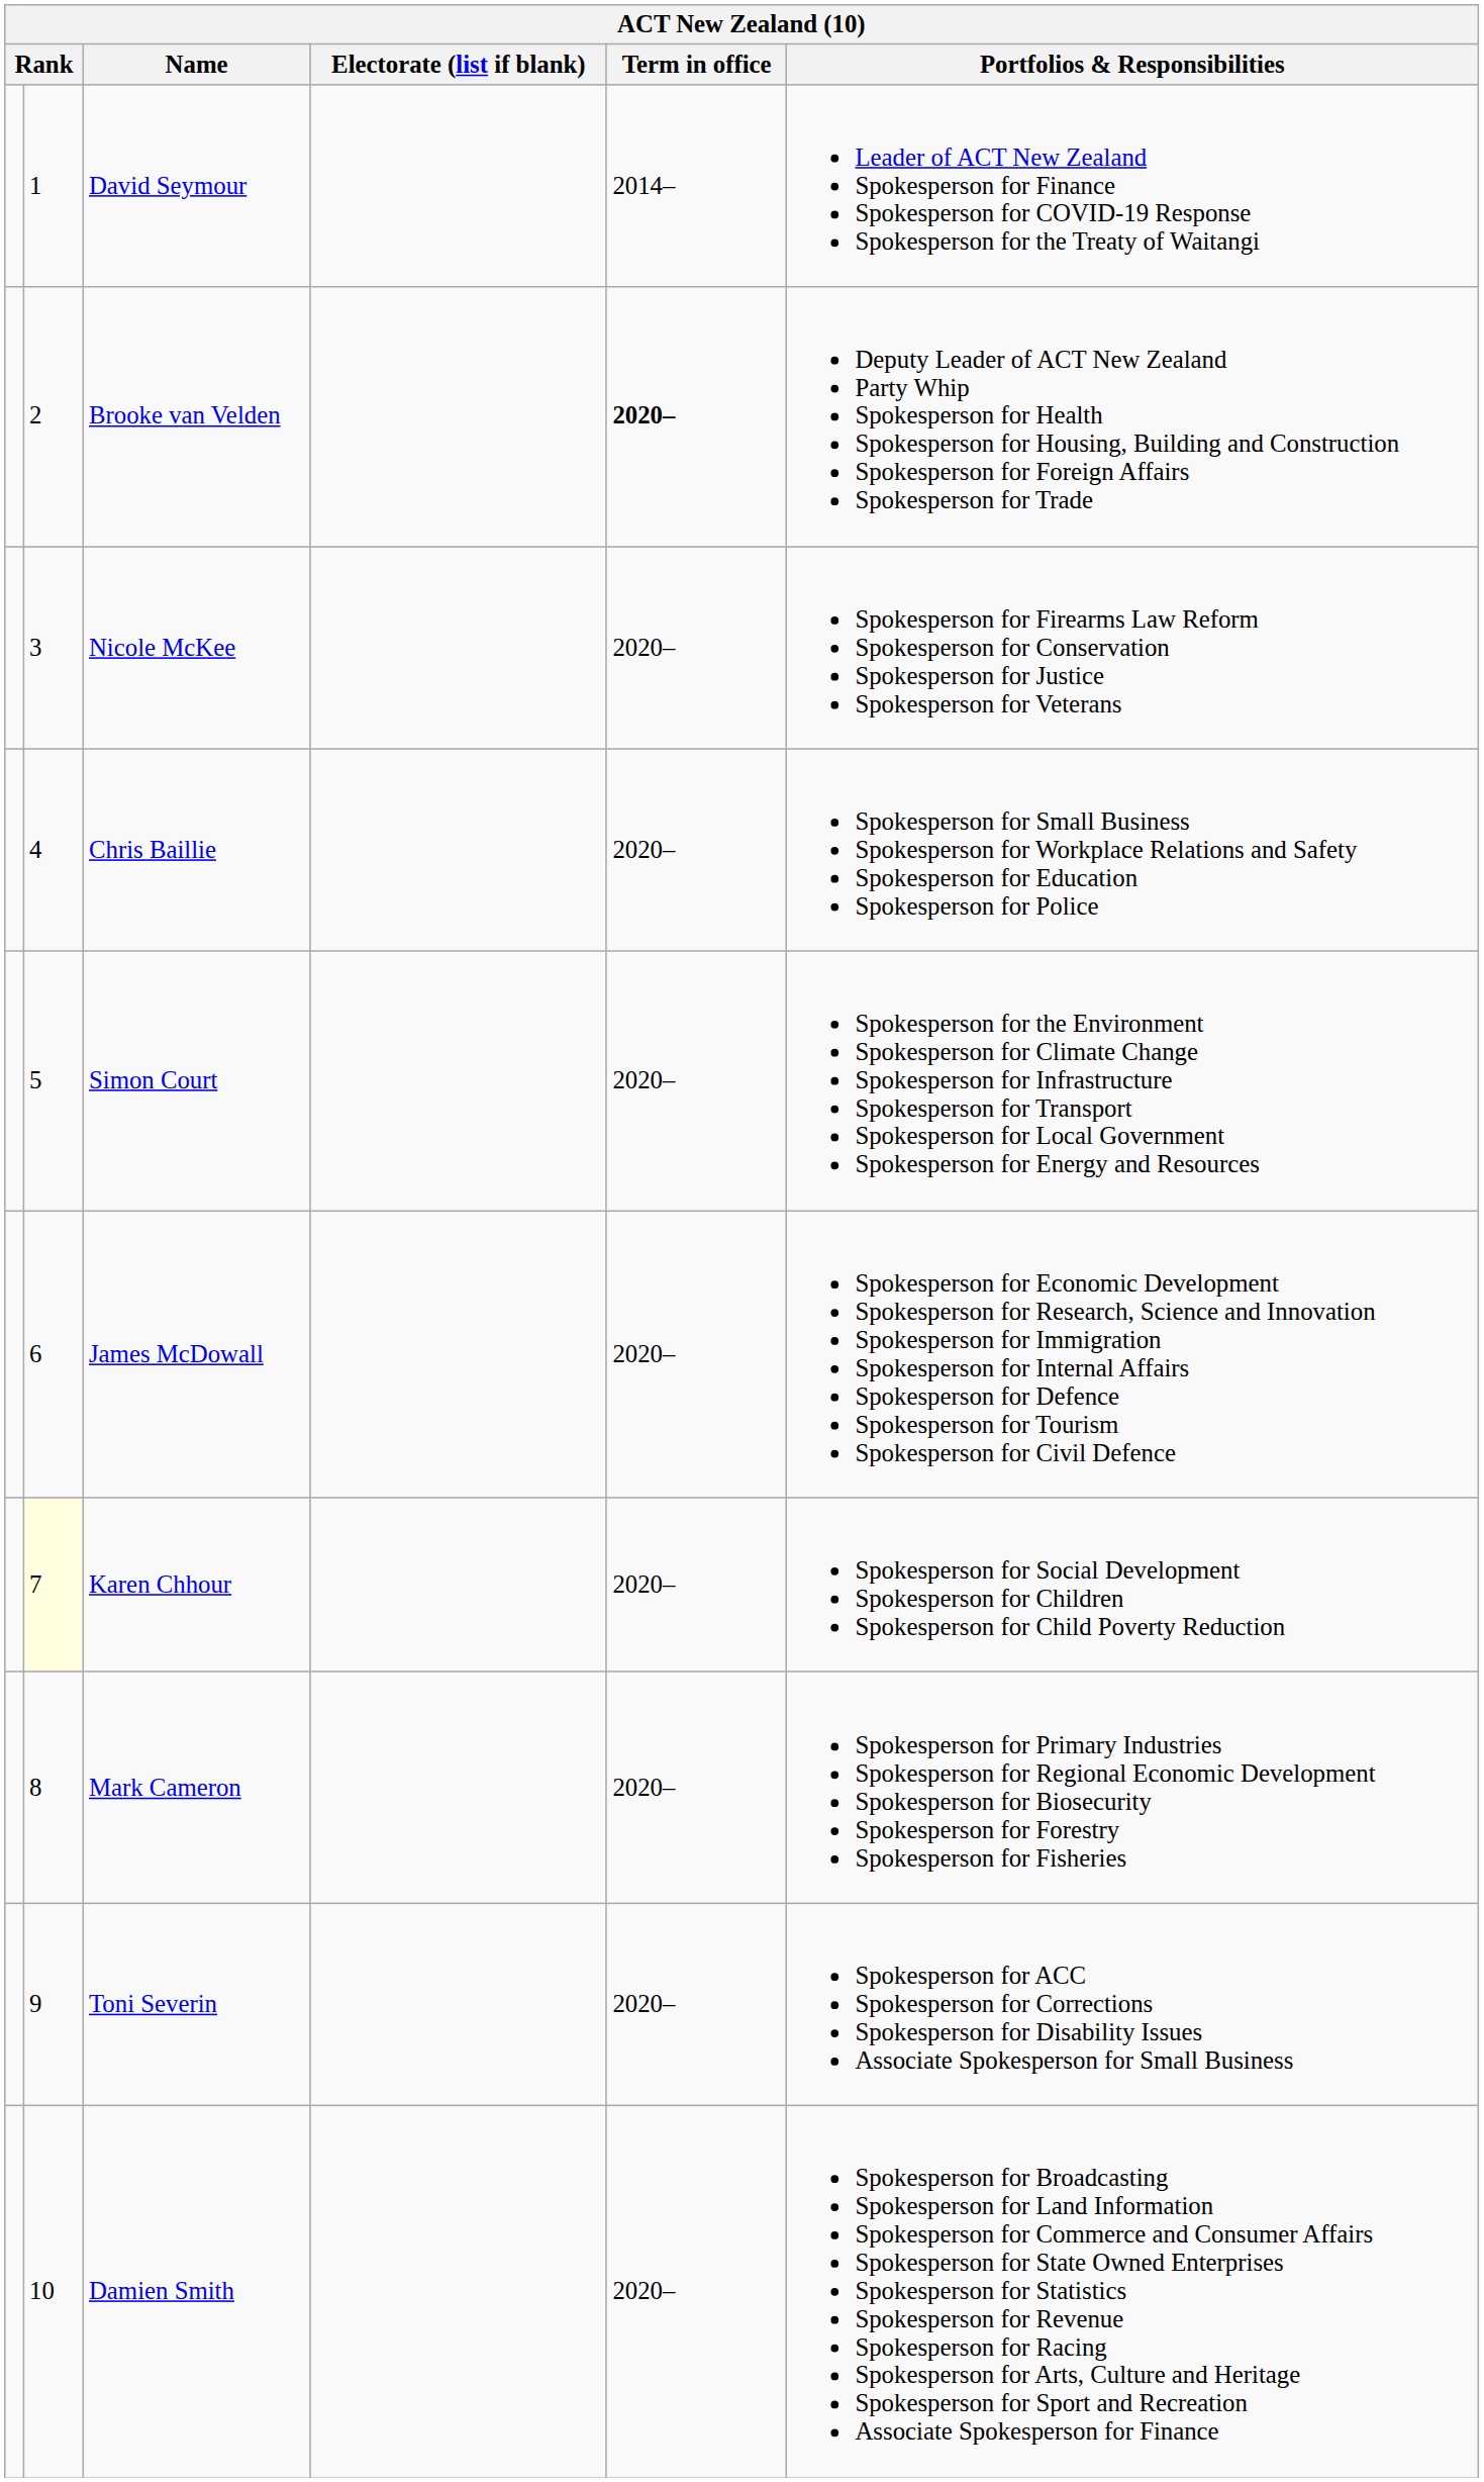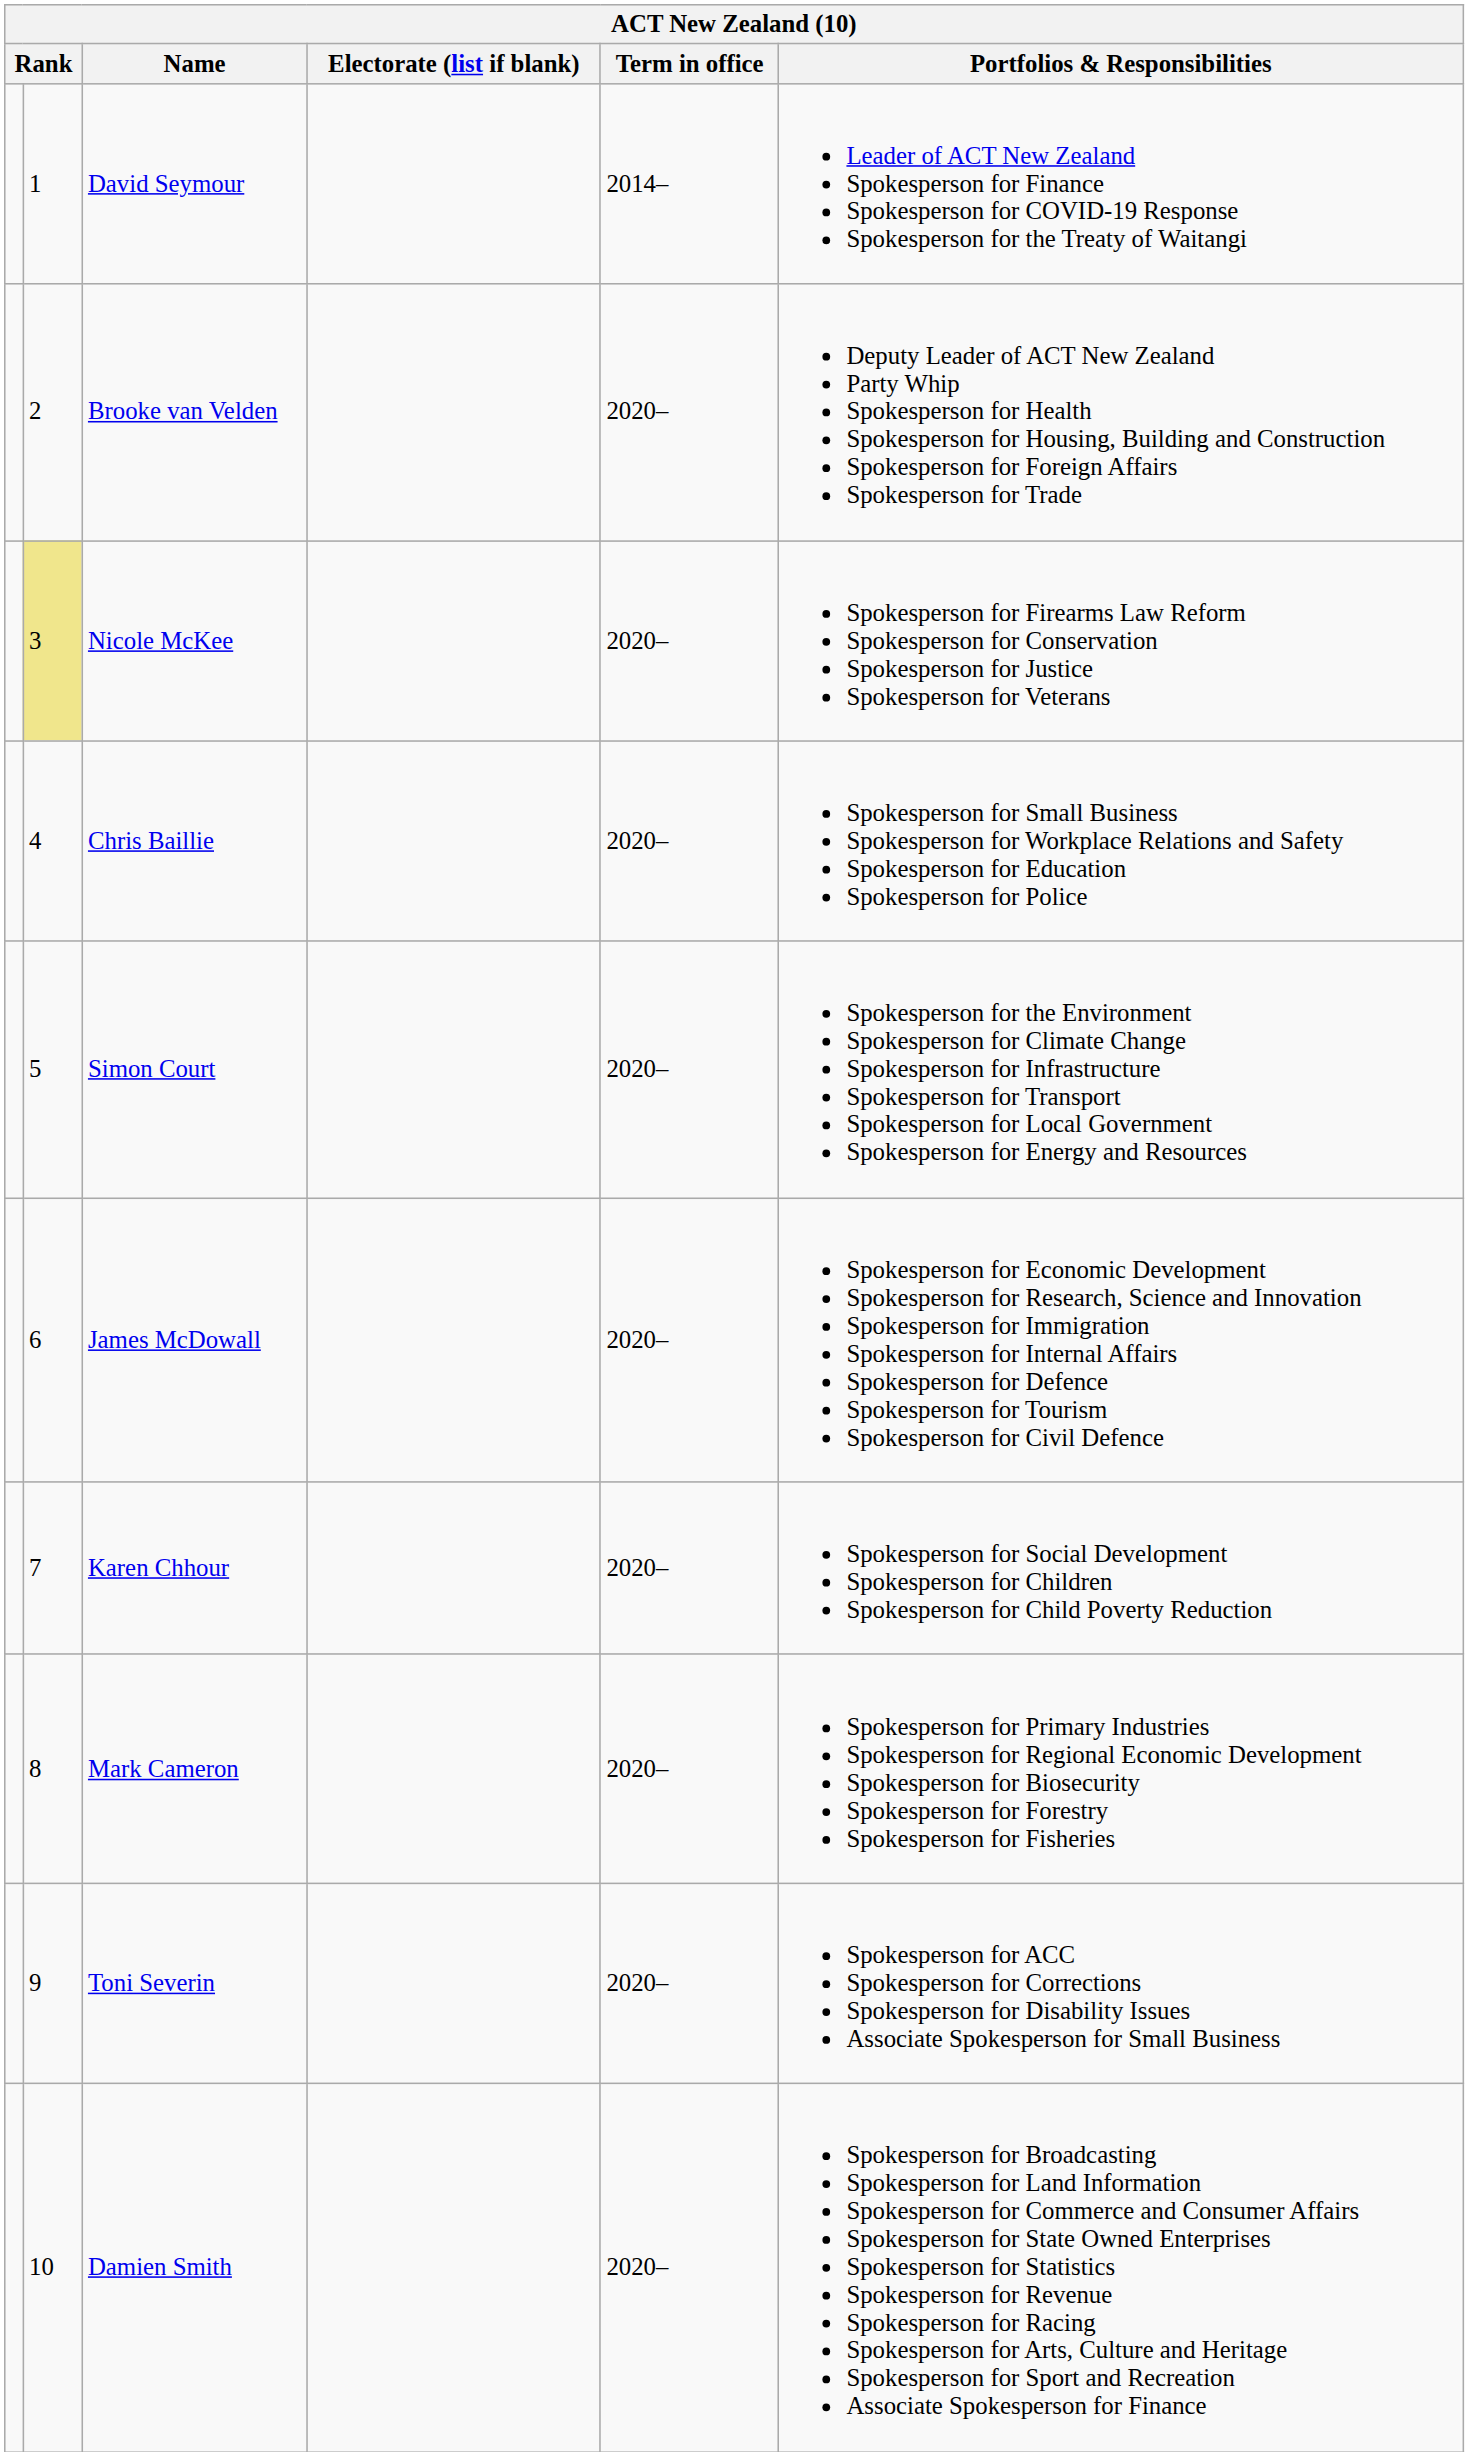 <table role="presentation" class="wikitable mw-collapsible mw-collapsed">
 <tr>
 <th colspan="6" style="width: 700pt; background: ">ACT New Zealand (10)</th>
 </tr>
 <tr>
 <th colspan="2">Rank</th>
 <th>Name</th>
 <th>Electorate (<a href='#'>list</a> if blank)</th>
 <th>Term in office</th>
 <th>Portfolios & Responsibilities</th>
 </tr>
 <tr>
 <td></td>
 <td>1</td>
 <td><a href='#'>David Seymour</a></td>
 <td></td>
 <td>2014–</td>
 <td><br><ul><li><a href='#'>Leader of ACT New Zealand</a></li><li>Spokesperson for Finance</li><li>Spokesperson for COVID-19 Response</li><li>Spokesperson for the Treaty of Waitangi</li></ul></td>
 </tr>
 <tr>
 <td></td>
 <td>2</td>
 <td><a href='#'>Brooke van Velden</a></td>
 <td></td>
-<td><strong>2020–</strong></td>
+<td>2020–</td>
 <td><br><ul><li>Deputy Leader of ACT New Zealand</li><li>Party Whip</li><li>Spokesperson for Health</li><li>Spokesperson for Housing, Building and Construction</li><li>Spokesperson for Foreign Affairs</li><li>Spokesperson for Trade</li></ul></td>
 </tr>
 <tr>
 <td></td>
-<td>3</td>
+<td style="background: khaki;">3</td>
 <td><a href='#'>Nicole McKee</a></td>
 <td></td>
 <td>2020–</td>
 <td><br><ul><li>Spokesperson for Firearms Law Reform</li><li>Spokesperson for Conservation</li><li>Spokesperson for Justice</li><li>Spokesperson for Veterans</li></ul></td>
 </tr>
 <tr>
 <td></td>
 <td>4</td>
 <td><a href='#'>Chris Baillie</a></td>
 <td></td>
 <td>2020–</td>
 <td><br><ul><li>Spokesperson for Small Business</li><li>Spokesperson for Workplace Relations and Safety</li><li>Spokesperson for Education</li><li>Spokesperson for Police</li></ul></td>
 </tr>
 <tr>
 <td></td>
 <td>5</td>
 <td><a href='#'>Simon Court</a></td>
 <td></td>
 <td>2020–</td>
 <td><br><ul><li>Spokesperson for the Environment</li><li>Spokesperson for Climate Change</li><li>Spokesperson for Infrastructure</li><li>Spokesperson for Transport</li><li>Spokesperson for Local Government</li><li>Spokesperson for Energy and Resources</li></ul></td>
 </tr>
 <tr>
 <td></td>
 <td>6</td>
 <td><a href='#'>James McDowall</a></td>
 <td></td>
 <td>2020–</td>
 <td><br><ul><li>Spokesperson for Economic Development</li><li>Spokesperson for Research, Science and Innovation</li><li>Spokesperson for Immigration</li><li>Spokesperson for Internal Affairs</li><li>Spokesperson for Defence</li><li>Spokesperson for Tourism</li><li>Spokesperson for Civil Defence</li></ul></td>
 </tr>
 <tr>
 <td></td>
-<td style="background: lightyellow;">7</td>
+<td>7</td>
 <td><a href='#'>Karen Chhour</a></td>
 <td></td>
 <td>2020–</td>
 <td><br><ul><li>Spokesperson for Social Development</li><li>Spokesperson for Children</li><li>Spokesperson for Child Poverty Reduction</li></ul></td>
 </tr>
 <tr>
 <td></td>
 <td>8</td>
 <td><a href='#'>Mark Cameron</a></td>
 <td></td>
 <td>2020–</td>
 <td><br><ul><li>Spokesperson for Primary Industries</li><li>Spokesperson for Regional Economic Development</li><li>Spokesperson for Biosecurity</li><li>Spokesperson for Forestry</li><li>Spokesperson for Fisheries</li></ul></td>
 </tr>
 <tr>
 <td></td>
 <td>9</td>
 <td><a href='#'>Toni Severin</a></td>
 <td></td>
 <td>2020–</td>
 <td><br><ul><li>Spokesperson for ACC</li><li>Spokesperson for Corrections</li><li>Spokesperson for Disability Issues</li><li>Associate Spokesperson for Small Business</li></ul></td>
 </tr>
 <tr>
 <td></td>
 <td>10</td>
 <td><a href='#'>Damien Smith</a></td>
 <td></td>
 <td>2020–</td>
 <td><br><ul><li>Spokesperson for Broadcasting</li><li>Spokesperson for Land Information</li><li>Spokesperson for Commerce and Consumer Affairs</li><li>Spokesperson for State Owned Enterprises</li><li>Spokesperson for Statistics</li><li>Spokesperson for Revenue</li><li>Spokesperson for Racing</li><li>Spokesperson for Arts, Culture and Heritage</li><li>Spokesperson for Sport and Recreation</li><li>Associate Spokesperson for Finance</li></ul></td>
 </tr>
 </table>
